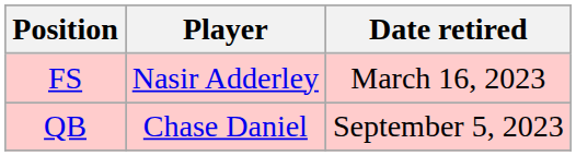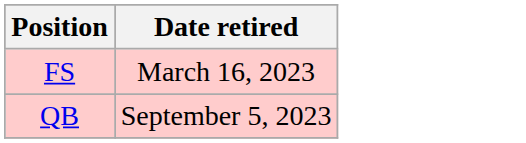 <table class="wikitable" style="text-align:center">
 <tr>
 <th>Position</th>
-<th>Player</th>
 <th>Date retired</th>
 </tr>
 <tr style="background:#fcc">
 <td><a href='#'>FS</a></td>
-<td><a href='#'>Nasir Adderley</a></td>
 <td>March 16, 2023</td>
 </tr>
 <tr style="background:#fcc">
 <td><a href='#'>QB</a></td>
-<td><a href='#'>Chase Daniel</a></td>
 <td>September 5, 2023</td>
 </tr>
 </table>
